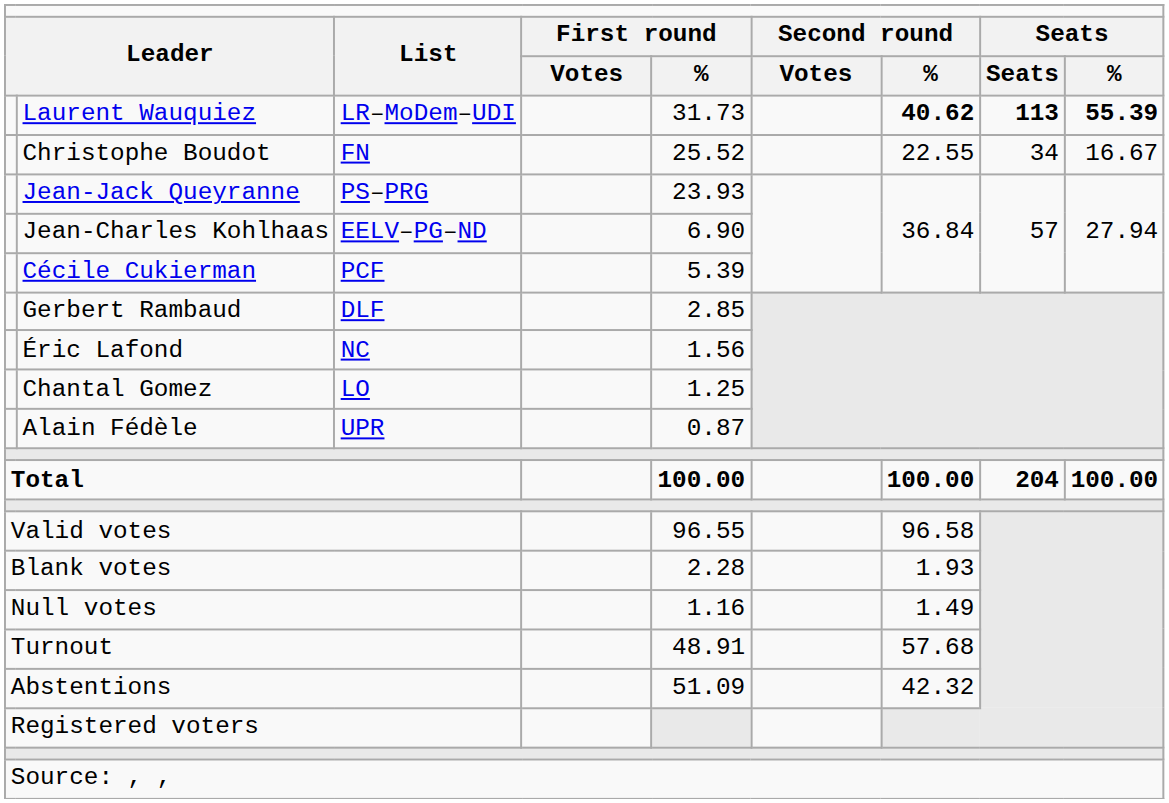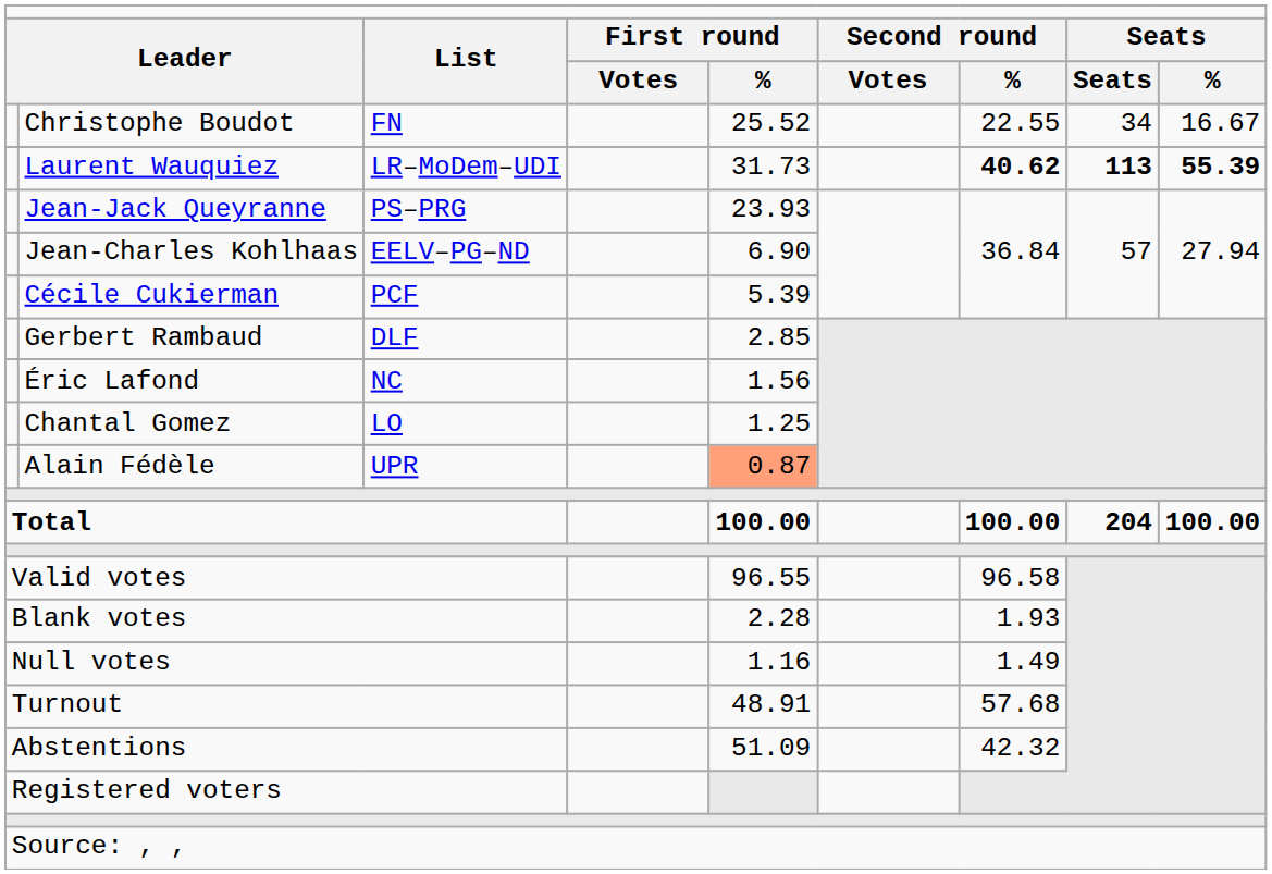 <table class="wikitable" style="font-size:95%;text-align:right;">
 <tr>
 <td colspan="9"></td>
 </tr>
 <tr>
 <th colspan="2" rowspan="2">Leader</th>
 <th rowspan="2">List</th>
 <th colspan="2">First round</th>
 <th colspan="2">Second round</th>
 <th colspan="2">Seats</th>
 </tr>
 <tr style="text-align:center;">
 <th width="60px">Votes</th>
 <th width="30px">%</th>
 <th width="60px">Votes</th>
 <th width="30px">%</th>
 <th width="30px">Seats</th>
 <th width="30px">%</th>
 </tr>
 <tr>
 <td style="background:"></td>
+<td style="text-align:left;">Christophe Boudot</td>
+<td style="text-align:left;"><a href='#'>FN</a></td>
+<td></td>
+<td>25.52</td>
+<td></td>
+<td>22.55</td>
+<td>34</td>
+<td>16.67</td>
+</tr>
+<tr>
+<td style="background:"></td>
 <td style="text-align:left;"><a href='#'>Laurent Wauquiez</a></td>
 <td style="text-align:left;"><a href='#'>LR</a>–<a href='#'>MoDem</a>–<a href='#'>UDI</a></td>
 <td></td>
 <td>31.73</td>
 <td><strong></strong></td>
 <td><strong>40.62</strong></td>
 <td><strong>113</strong></td>
 <td><strong>55.39</strong></td>
-</tr>
-<tr>
-<td style="background:"></td>
-<td style="text-align:left;">Christophe Boudot</td>
-<td style="text-align:left;"><a href='#'>FN</a></td>
-<td></td>
-<td>25.52</td>
-<td></td>
-<td>22.55</td>
-<td>34</td>
-<td>16.67</td>
 </tr>
 <tr>
 <td style="background:"></td>
 <td style="text-align:left;"><a href='#'>Jean-Jack Queyranne</a></td>
 <td style="text-align:left;"><a href='#'>PS</a>–<a href='#'>PRG</a></td>
 <td></td>
 <td>23.93</td>
 <td rowspan="3"></td>
 <td rowspan="3">36.84</td>
 <td rowspan="3">57</td>
 <td rowspan="3">27.94</td>
 </tr>
 <tr>
 <td style="background:"></td>
 <td style="text-align:left;">Jean-Charles Kohlhaas</td>
 <td style="text-align:left;"><a href='#'>EELV</a>–<a href='#'>PG</a>–<a href='#'>ND</a></td>
 <td></td>
 <td>6.90</td>
 </tr>
 <tr>
 <td style="background:"></td>
 <td style="text-align:left;"><a href='#'>Cécile Cukierman</a></td>
 <td style="text-align:left;"><a href='#'>PCF</a></td>
 <td></td>
 <td>5.39</td>
 </tr>
 <tr>
 <td style="background:"></td>
 <td style="text-align:left;">Gerbert Rambaud</td>
 <td style="text-align:left;"><a href='#'>DLF</a></td>
 <td></td>
 <td>2.85</td>
 <td style="background-color:#E9E9E9;" colspan="4" rowspan="4"></td>
 </tr>
 <tr>
 <td style="background:"></td>
 <td style="text-align:left;">Éric Lafond</td>
 <td style="text-align:left;"><a href='#'>NC</a></td>
 <td></td>
 <td>1.56</td>
 </tr>
 <tr>
 <td style="background:"></td>
 <td style="text-align:left;">Chantal Gomez</td>
 <td style="text-align:left;"><a href='#'>LO</a></td>
 <td></td>
 <td>1.25</td>
 </tr>
 <tr>
 <td style="background:"></td>
 <td style="text-align:left;">Alain Fédèle</td>
 <td style="text-align:left;"><a href='#'>UPR</a></td>
 <td></td>
-<td>0.87</td>
+<td style="background: lightsalmon;">0.87</td>
 </tr>
 <tr>
 <td style="background-color:#E9E9E9;" colspan="9"></td>
 </tr>
 <tr style="font-weight:bold;">
 <td style="text-align:left;" colspan="3">Total</td>
 <td></td>
 <td>100.00</td>
 <td></td>
 <td>100.00</td>
 <td>204</td>
 <td>100.00</td>
 </tr>
 <tr>
 <td style="background-color:#E9E9E9;" colspan="9"></td>
 </tr>
 <tr>
 <td style="text-align:left;" colspan="3">Valid votes</td>
 <td></td>
 <td>96.55</td>
 <td></td>
 <td>96.58</td>
 <td style="background-color:#E9E9E9;" colspan="2" rowspan="5"></td>
 </tr>
 <tr>
 <td style="text-align:left;" colspan="3">Blank votes</td>
 <td></td>
 <td>2.28</td>
 <td></td>
 <td>1.93</td>
 </tr>
 <tr>
 <td style="text-align:left;" colspan="3">Null votes</td>
 <td></td>
 <td>1.16</td>
 <td></td>
 <td>1.49</td>
 </tr>
 <tr>
 <td style="text-align:left;" colspan="3">Turnout</td>
 <td></td>
 <td>48.91</td>
 <td></td>
 <td>57.68</td>
 </tr>
 <tr>
 <td style="text-align:left;" colspan="3">Abstentions</td>
 <td></td>
 <td>51.09</td>
 <td></td>
 <td>42.32</td>
 </tr>
 <tr>
 <td style="text-align:left;" colspan="3">Registered voters</td>
 <td></td>
 <td style="background-color:#E9E9E9;"></td>
 <td></td>
 <td style="background-color:#E9E9E9;border-right-style:hidden;"></td>
 <td style="background-color:#E9E9E9;border-top-style:hidden;" colspan="2"></td>
 </tr>
 <tr>
 <td style="background-color:#E9E9E9;" colspan="9"></td>
 </tr>
 <tr>
 <td style="text-align:left;" colspan="9">Source: , , </td>
 </tr>
 </table>
